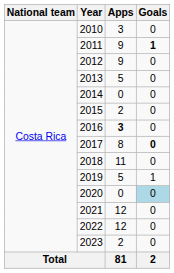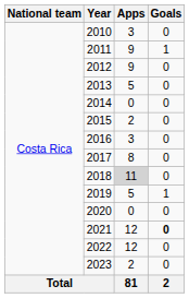 <table class="wikitable" style="text-align:center">
 <tr>
 <th>National team</th>
 <th>Year</th>
 <th>Apps</th>
 <th>Goals</th>
 </tr>
 <tr>
 <td rowspan="14"><a href='#'>Costa Rica</a></td>
 <td>2010</td>
 <td>3</td>
 <td>0</td>
 </tr>
 <tr>
 <td>2011</td>
 <td>9</td>
-<td><strong>1</strong></td>
+<td>1</td>
 </tr>
 <tr>
 <td>2012</td>
 <td>9</td>
 <td>0</td>
 </tr>
 <tr>
 <td>2013</td>
 <td>5</td>
 <td>0</td>
 </tr>
 <tr>
 <td>2014</td>
 <td>0</td>
 <td>0</td>
 </tr>
 <tr>
 <td>2015</td>
 <td>2</td>
 <td>0</td>
 </tr>
 <tr>
 <td>2016</td>
-<td><strong>3</strong></td>
+<td>3</td>
 <td>0</td>
 </tr>
 <tr>
 <td>2017</td>
 <td>8</td>
-<td><strong>0</strong></td>
+<td>0</td>
 </tr>
 <tr>
 <td>2018</td>
-<td>11</td>
+<td style="background: lightgrey;">11</td>
 <td>0</td>
 </tr>
 <tr>
 <td>2019</td>
 <td>5</td>
 <td>1</td>
 </tr>
 <tr>
 <td>2020</td>
 <td>0</td>
-<td style="background: lightblue;">0</td>
+<td>0</td>
 </tr>
 <tr>
 <td>2021</td>
 <td>12</td>
-<td>0</td>
+<td><strong>0</strong></td>
 </tr>
 <tr>
 <td>2022</td>
 <td>12</td>
 <td>0</td>
 </tr>
 <tr>
 <td>2023</td>
 <td>2</td>
 <td>0</td>
 </tr>
 <tr>
 <th colspan="2">Total</th>
 <th>81</th>
 <th>2</th>
 </tr>
 </table>
